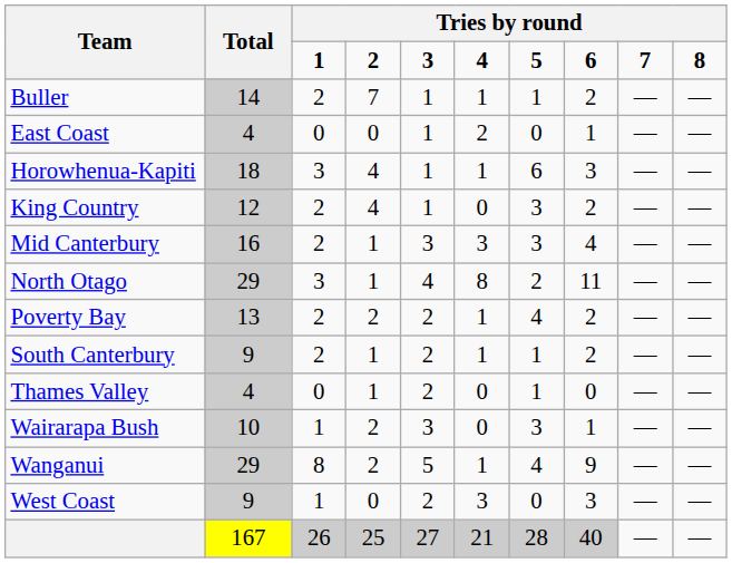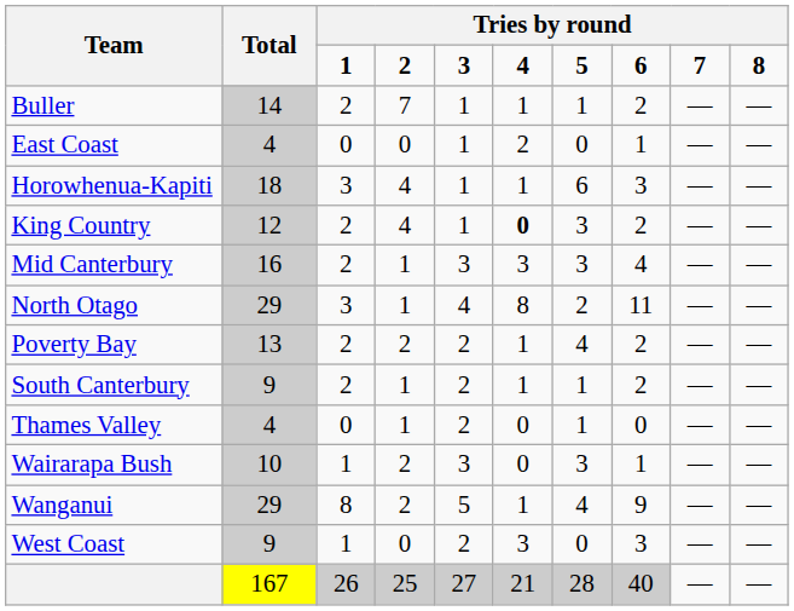 <table class="wikitable" style="text-align:center" width=80%>
 <tr>
 <th rowspan=2 width=12%>Team</th>
 <th rowspan=2 width=5%>Total</th>
 <th colspan=13>Tries by round</th>
 </tr>
 <tr>
 <td width=4%><strong>1</strong></td>
 <td width=4%><strong>2</strong></td>
 <td width=4%><strong>3</strong></td>
 <td width=4%><strong>4</strong></td>
 <td width=4%><strong>5</strong></td>
 <td width=4%><strong>6</strong></td>
 <td width=4%><strong>7</strong></td>
 <td width=4%><strong>8</strong></td>
 </tr>
 <tr>
 <td align=left><a href='#'>Buller</a></td>
 <td bgcolor=#cccccc>14</td>
 <td>2</td>
 <td>7</td>
 <td>1</td>
 <td>1</td>
 <td>1</td>
 <td>2</td>
 <td>—</td>
 <td>—</td>
 </tr>
 <tr>
 <td align=left><a href='#'>East Coast</a></td>
 <td bgcolor=#cccccc>4</td>
 <td>0</td>
 <td>0</td>
 <td>1</td>
 <td>2</td>
 <td>0</td>
 <td>1</td>
 <td>—</td>
 <td>—</td>
 </tr>
 <tr>
 <td align=left><a href='#'>Horowhenua-Kapiti</a></td>
 <td bgcolor=#cccccc>18</td>
 <td>3</td>
 <td>4</td>
 <td>1</td>
 <td>1</td>
 <td>6</td>
 <td>3</td>
 <td>—</td>
 <td>—</td>
 </tr>
 <tr>
 <td align=left><a href='#'>King Country</a></td>
 <td bgcolor=#cccccc>12</td>
 <td>2</td>
 <td>4</td>
 <td>1</td>
-<td>0</td>
+<td><strong>0</strong></td>
 <td>3</td>
 <td>2</td>
 <td>—</td>
 <td>—</td>
 </tr>
 <tr>
 <td align=left><a href='#'>Mid Canterbury</a></td>
 <td bgcolor=#cccccc>16</td>
 <td>2</td>
 <td>1</td>
 <td>3</td>
 <td>3</td>
 <td>3</td>
 <td>4</td>
 <td>—</td>
 <td>—</td>
 </tr>
 <tr>
 <td align=left><a href='#'>North Otago</a></td>
 <td bgcolor=#cccccc>29</td>
 <td>3</td>
 <td>1</td>
 <td>4</td>
 <td>8</td>
 <td>2</td>
 <td>11</td>
 <td>—</td>
 <td>—</td>
 </tr>
 <tr>
 <td align=left><a href='#'>Poverty Bay</a></td>
 <td bgcolor=#cccccc>13</td>
 <td>2</td>
 <td>2</td>
 <td>2</td>
 <td>1</td>
 <td>4</td>
 <td>2</td>
 <td>—</td>
 <td>—</td>
 </tr>
 <tr>
 <td align=left><a href='#'>South Canterbury</a></td>
 <td bgcolor=#cccccc>9</td>
 <td>2</td>
 <td>1</td>
 <td>2</td>
 <td>1</td>
 <td>1</td>
 <td>2</td>
 <td>—</td>
 <td>—</td>
 </tr>
 <tr>
 <td align=left><a href='#'>Thames Valley</a></td>
 <td bgcolor=#cccccc>4</td>
 <td>0</td>
 <td>1</td>
 <td>2</td>
 <td>0</td>
 <td>1</td>
 <td>0</td>
 <td>—</td>
 <td>—</td>
 </tr>
 <tr>
 <td align=left><a href='#'>Wairarapa Bush</a></td>
 <td bgcolor=#cccccc>10</td>
 <td>1</td>
 <td>2</td>
 <td>3</td>
 <td>0</td>
 <td>3</td>
 <td>1</td>
 <td>—</td>
 <td>—</td>
 </tr>
 <tr>
 <td align=left><a href='#'>Wanganui</a></td>
 <td bgcolor=#cccccc>29</td>
 <td>8</td>
 <td>2</td>
 <td>5</td>
 <td>1</td>
 <td>4</td>
 <td>9</td>
 <td>—</td>
 <td>—</td>
 </tr>
 <tr>
 <td align=left><a href='#'>West Coast</a></td>
 <td bgcolor=#cccccc>9</td>
 <td>1</td>
 <td>0</td>
 <td>2</td>
 <td>3</td>
 <td>0</td>
 <td>3</td>
 <td>—</td>
 <td>—</td>
 </tr>
 <tr>
 <th></th>
 <td bgcolor=#ffff00>167</td>
 <td bgcolor=#cccccc>26</td>
 <td bgcolor=#cccccc>25</td>
 <td bgcolor=#cccccc>27</td>
 <td bgcolor=#cccccc>21</td>
 <td bgcolor=#cccccc>28</td>
 <td bgcolor=#cccccc>40</td>
 <td>—</td>
 <td>—</td>
 </tr>
 </table>
